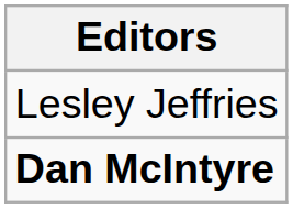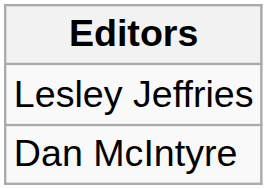 <table class="wikitable">
 <tr>
 <th>Editors</th>
 </tr>
 <tr>
 <td>Lesley Jeffries</td>
 </tr>
 <tr>
-<td><strong>Dan McIntyre</strong></td>
+<td>Dan McIntyre</td>
 </tr>
 </table>
